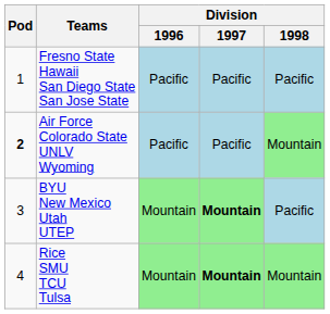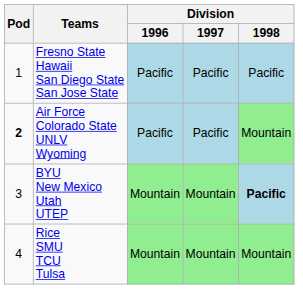 <table class="wikitable" style="text-align: center;">
 <tr>
 <th rowspan=2>Pod</th>
 <th rowspan=2>Teams</th>
 <th colspan=3>Division</th>
 </tr>
 <tr>
 <th>1996</th>
 <th>1997</th>
 <th>1998</th>
 </tr>
 <tr>
 <td>1</td>
 <td align=left><a href='#'>Fresno State</a><br><a href='#'>Hawaii</a><br><a href='#'>San Diego State</a><br><a href='#'>San Jose State</a></td>
 <td bgcolor=lightblue>Pacific</td>
 <td bgcolor=lightblue>Pacific</td>
 <td bgcolor=lightblue>Pacific</td>
 </tr>
 <tr>
 <td><strong>2</strong></td>
 <td align=left><a href='#'>Air Force</a><br><a href='#'>Colorado State</a><br><a href='#'>UNLV</a><br><a href='#'>Wyoming</a></td>
 <td bgcolor=lightblue>Pacific</td>
 <td bgcolor=lightblue>Pacific</td>
 <td bgcolor=lightgreen>Mountain</td>
 </tr>
 <tr>
 <td>3</td>
 <td align=left><a href='#'>BYU</a><br><a href='#'>New Mexico</a><br><a href='#'>Utah</a><br><a href='#'>UTEP</a></td>
 <td bgcolor=lightgreen>Mountain</td>
-<td bgcolor=lightgreen><strong>Mountain</strong></td>
-<td bgcolor=lightblue>Pacific</td>
+<td bgcolor=lightgreen>Mountain</td>
+<td bgcolor=lightblue><strong>Pacific</strong></td>
 </tr>
 <tr>
 <td>4</td>
 <td align=left><a href='#'>Rice</a><br><a href='#'>SMU</a><br><a href='#'>TCU</a><br><a href='#'>Tulsa</a></td>
 <td bgcolor=lightgreen>Mountain</td>
-<td bgcolor=lightgreen><strong>Mountain</strong></td>
+<td bgcolor=lightgreen>Mountain</td>
 <td bgcolor=lightgreen>Mountain</td>
 </tr>
 </table>
